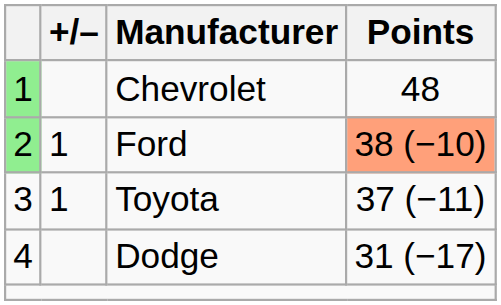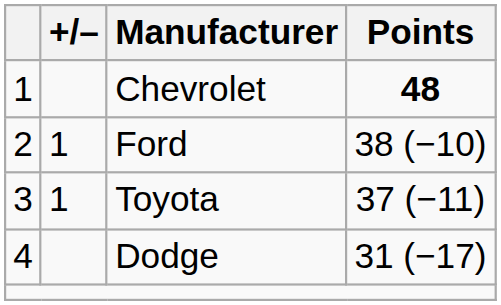 <table class="wikitable">
 <tr>
 <th scope="col"></th>
 <th scope="col">+/–</th>
 <th scope="col">Manufacturer</th>
 <th scope="col">Points</th>
 </tr>
 <tr>
-<td style="background: lightgreen;">1</td>
+<td>1</td>
 <td align="left"></td>
 <td>Chevrolet</td>
-<td style="text-align:center;">48</td>
+<td style="text-align:center;"><strong>48</strong></td>
 </tr>
 <tr>
-<td style="background: lightgreen;">2</td>
+<td>2</td>
 <td align="left"> 1</td>
 <td>Ford</td>
-<td style="background: lightsalmon; text-align:center;">38 (−10)</td>
+<td style="text-align:center;">38 (−10)</td>
 </tr>
 <tr>
 <td>3</td>
 <td align="left"> 1</td>
 <td>Toyota</td>
 <td style="text-align:center;">37 (−11)</td>
 </tr>
 <tr>
 <td>4</td>
 <td align="left"></td>
 <td>Dodge</td>
 <td style="text-align:center;">31 (−17)</td>
 </tr>
 <tr class="sortbottom">
 <td colspan="9"></td>
 </tr>
 </table>
